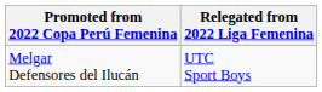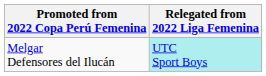 <table class="wikitable">
 <tr>
 <th>Promoted from<br><a href='#'>2022 Copa Perú Femenina</a></th>
 <th>Relegated from<br><a href='#'>2022 Liga Femenina</a></th>
 </tr>
 <tr>
 <td> <a href='#'>Melgar</a> <br> Defensores del Ilucán </td>
-<td> <a href='#'>UTC</a> <br> <a href='#'>Sport Boys</a> </td>
+<td style="background: paleturquoise;"> <a href='#'>UTC</a> <br> <a href='#'>Sport Boys</a> </td>
 </tr>
 </table>
